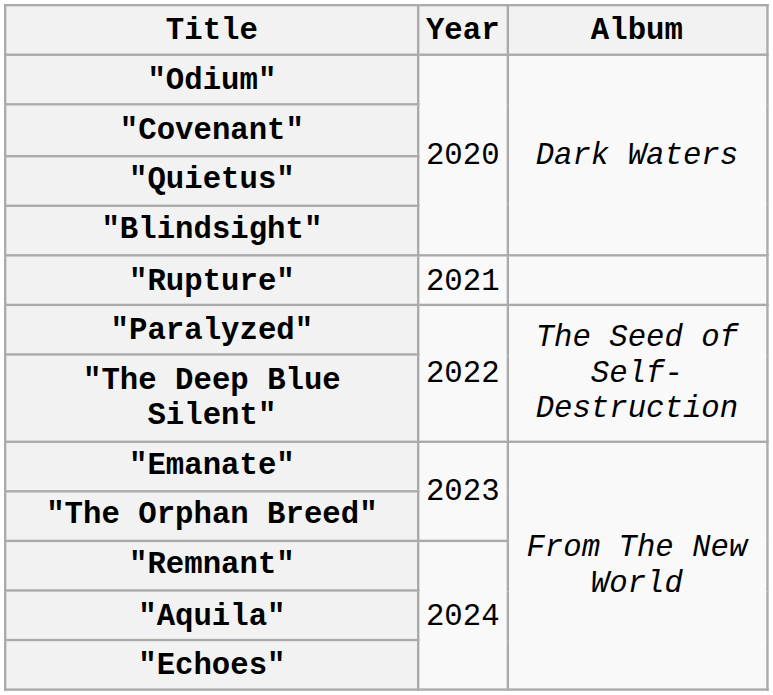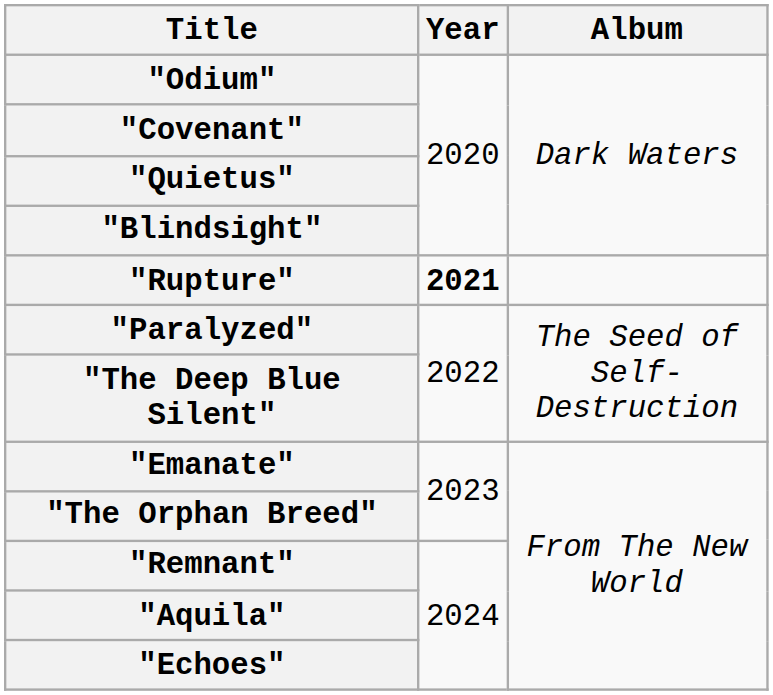 <table class="wikitable plainrowheaders" style="text-align:center;" border="1">
 <tr>
 <th scope="col" style="width:13em;">Title</th>
 <th scope="col" style="width:1em;">Year</th>
 <th scope="col" style="width:8em;">Album</th>
 </tr>
 <tr>
 <th scope="row">"Odium"</th>
 <td rowspan="4">2020</td>
 <td rowspan="4"><em>Dark Waters</em></td>
 </tr>
 <tr>
 <th scope="row">"Covenant"</th>
 </tr>
 <tr>
 <th scope="row">"Quietus"</th>
 </tr>
 <tr>
 <th scope="row">"Blindsight"</th>
 </tr>
 <tr>
 <th scope="row">"Rupture"</th>
-<td>2021</td>
+<td><strong>2021</strong></td>
 <td></td>
 </tr>
 <tr>
 <th scope="row">"Paralyzed"</th>
 <td rowspan="2">2022</td>
 <td rowspan="2"><em>The Seed of Self-Destruction</em></td>
 </tr>
 <tr>
 <th scope="row">"The Deep Blue Silent"</th>
 </tr>
 <tr>
 <th scope="row">"Emanate"</th>
 <td rowspan="2">2023</td>
 <td rowspan="5"><em>From The New World</em></td>
 </tr>
 <tr>
 <th scope="row">"The Orphan Breed"</th>
 </tr>
 <tr>
 <th scope="row">"Remnant"</th>
 <td rowspan="3">2024</td>
 </tr>
 <tr>
 <th scope="row">"Aquila"</th>
 </tr>
 <tr>
 <th scope="row">"Echoes"</th>
 </tr>
 </table>
